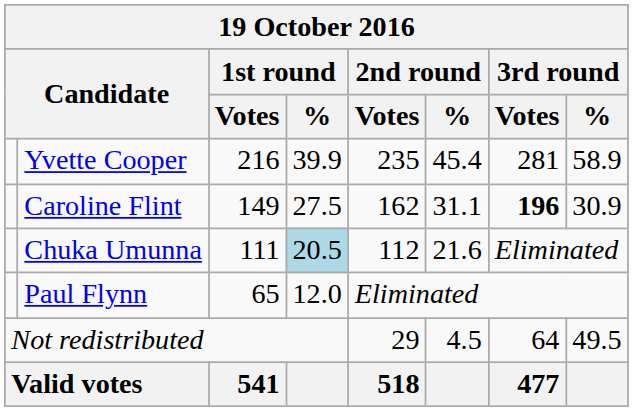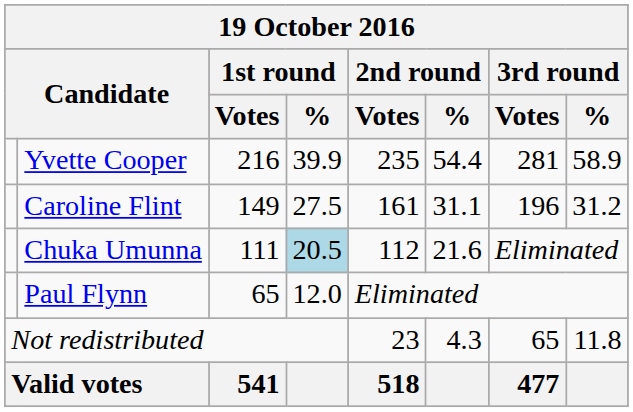 <table class="wikitable" style="min-width:250px">
 <tr>
 <th colspan="8">19 October 2016</th>
 </tr>
 <tr>
 <th colspan="2" rowspan="2">Candidate</th>
 <th colspan="2">1st round</th>
 <th colspan="2">2nd round</th>
 <th colspan="2">3rd round</th>
 </tr>
 <tr>
 <th>Votes</th>
 <th>%</th>
 <th>Votes</th>
 <th>%</th>
 <th>Votes</th>
 <th>%</th>
 </tr>
 <tr>
 <td style="color:inherit;background-color: "></td>
 <td><a href='#'>Yvette Cooper</a></td>
 <td align="right">216</td>
 <td align="right">39.9</td>
 <td align="right">235</td>
-<td align="right">45.4</td>
+<td align="right">54.4</td>
 <td align="right">281</td>
 <td align="right">58.9</td>
 </tr>
 <tr>
 <td style="color:inherit;background-color: "></td>
 <td><a href='#'>Caroline Flint</a></td>
 <td align="right">149</td>
 <td align="right">27.5</td>
-<td align="right">162</td>
+<td align="right">161</td>
 <td align="right">31.1</td>
-<td align="right"><strong>196</strong></td>
-<td align="right">30.9</td>
+<td align="right">196</td>
+<td align="right">31.2</td>
 </tr>
 <tr>
 <td style="color:inherit;background-color: "></td>
 <td><a href='#'>Chuka Umunna</a></td>
 <td align="right">111</td>
 <td align="right" style="background: lightblue;">20.5</td>
 <td align="right">112</td>
 <td align="right">21.6</td>
 <td colspan="2"><em>Eliminated</em></td>
 </tr>
 <tr>
 <td style="color:inherit;background-color: "></td>
 <td><a href='#'>Paul Flynn</a></td>
 <td align="right">65</td>
 <td align="right">12.0</td>
 <td colspan="4"><em>Eliminated</em></td>
 </tr>
 <tr>
 <td colspan="4"><em>Not redistributed</em></td>
-<td align="right">29</td>
-<td align="right">4.5</td>
-<td align="right">64</td>
-<td align="right">49.5</td>
+<td align="right">23</td>
+<td align="right">4.3</td>
+<td align="right">65</td>
+<td align="right">11.8</td>
 </tr>
 <tr>
 <th style="text-align:left;" colspan="2"><strong>Valid votes</strong></th>
 <th style="text-align:right;">541</th>
 <th></th>
 <th style="text-align:right;">518</th>
 <th></th>
 <th style="text-align:right;">477</th>
 <th></th>
 </tr>
 </table>
